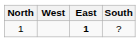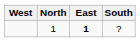 <table class="wikitable" style="float:left; margin-right:10px;">
 <tr>
+<th width="25%">West</th>
 <th width="25%">North</th>
-<th width="25%">West</th>
 <th width="25%">East</th>
 <th width="25%">South</th>
 </tr>
 <tr align=center>
+<td></td>
 <td>1</td>
-<td></td>
 <td><strong>1</strong></td>
 <td>?</td>
 </tr>
 </table>
